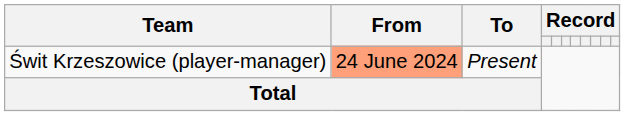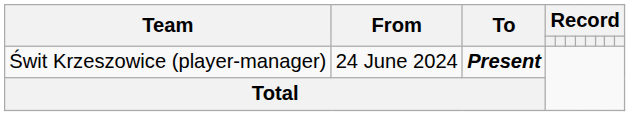 <table class="wikitable" style="text-align: center;">
 <tr>
 <th rowspan="2">Team</th>
 <th rowspan="2">From</th>
 <th rowspan="2">To</th>
 <th colspan="8">Record</th>
 </tr>
 <tr>
 <th></th>
 <th></th>
 <th></th>
 <th></th>
 <th></th>
 <th></th>
 <th></th>
 <th></th>
 </tr>
 <tr>
 <td align=left>Świt Krzeszowice (player-manager)</td>
-<td align=left style="background: lightsalmon;">24 June 2024</td>
-<td align=left><em>Present</em><br></td>
+<td align=left>24 June 2024</td>
+<td align=left><strong><em>Present</em><br></strong></td>
 </tr>
 <tr>
 <th colspan="3">Total<br></th>
 </tr>
 </table>
